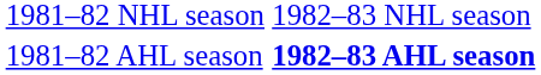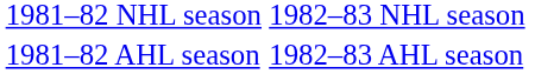 <table>
 <tr>
 <td><a href='#'>1981–82 NHL season</a></td>
 <td><a href='#'>1982–83 NHL season</a></td>
 </tr>
 <tr>
 <td><a href='#'>1981–82 AHL season</a></td>
-<td><strong><a href='#'>1982–83 AHL season</a></strong></td>
+<td><a href='#'>1982–83 AHL season</a></td>
 </tr>
 <tr>
 </tr>
 </table>
